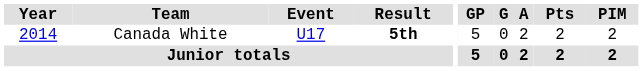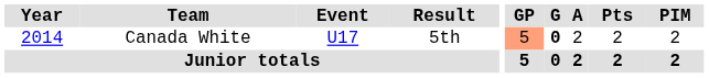 <table border="0" cellpadding="1" cellspacing="0" ID="Table3" style="text-align:center; width:40em;">
 <tr bgcolor="#e0e0e0">
 <th>Year</th>
 <th>Team</th>
 <th>Event</th>
 <th>Result</th>
 <th rowspan="99" bgcolor="#ffffff"></th>
 <th>GP</th>
 <th>G</th>
 <th>A</th>
 <th>Pts</th>
 <th>PIM</th>
 </tr>
 <tr>
 <td><a href='#'>2014</a></td>
 <td>Canada White</td>
 <td><a href='#'>U17</a></td>
-<td><strong>5th</strong></td>
-<td>5</td>
-<td>0</td>
+<td>5th</td>
+<td style="background: lightsalmon;">5</td>
+<td><strong>0</strong></td>
 <td>2</td>
 <td>2</td>
 <td>2</td>
 </tr>
 <tr bgcolor="#e0e0e0">
 <th colspan="4">Junior totals</th>
 <th>5</th>
 <th>0</th>
 <th>2</th>
 <th>2</th>
 <th>2</th>
 </tr>
 </table>
